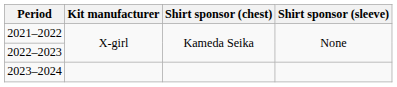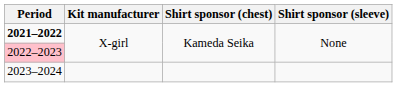 <table class="wikitable" style="text-align:center">
 <tr>
 <th>Period</th>
 <th>Kit manufacturer</th>
 <th>Shirt sponsor (chest)</th>
 <th>Shirt sponsor (sleeve)</th>
 </tr>
 <tr>
-<td>2021–2022</td>
+<td><strong>2021–2022</strong></td>
 <td rowspan="2">X-girl</td>
 <td rowspan="2">Kameda Seika</td>
 <td rowspan="2">None</td>
 </tr>
 <tr>
-<td>2022–2023</td>
+<td style="background: pink;">2022–2023</td>
 </tr>
 <tr>
 <td>2023–2024</td>
 <td></td>
 <td></td>
 <td></td>
 </tr>
 </table>
